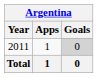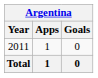 <table class="wikitable" style="text-align:center">
 <tr>
 <th colspan=3><a href='#'>Argentina</a></th>
 </tr>
 <tr>
 <th>Year</th>
 <th>Apps</th>
 <th>Goals</th>
 </tr>
 <tr>
 <td>2011</td>
 <td>1</td>
-<td style="background: lightgrey;">0</td>
+<td>0</td>
 </tr>
 <tr>
 <th>Total</th>
 <th>1</th>
 <th>0</th>
 </tr>
 </table>
